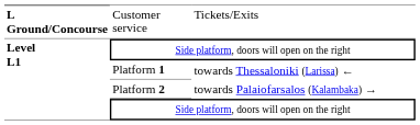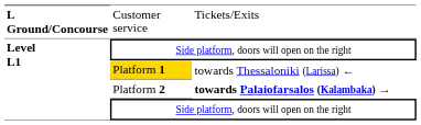 <table table border=0 cellspacing=0 cellpadding=3>
 <tr>
 <td style="border-bottom:solid 1px gray;border-top:solid 2px gray;" width=50 valign=top><strong>L<br>Ground/Concourse</strong></td>
 <td style="border-top:solid 1px gray;border-bottom:solid 1px gray;" width=100 valign=top>Customer service</td>
 <td style="border-top:solid 1px gray;border-bottom:solid 1px gray;" width=285 valign=top>Tickets/Exits</td>
 </tr>
 <tr>
 <td style="border-bottom:solid 1px gray;" rowspan=4 valign=top><strong>Level<br>L1</strong></td>
 <td style="border-top:solid 2px black;border-right:solid 2px black;border-left:solid 2px black;border-bottom:solid 2px black;text-align:center;" colspan=2><small><a href='#'>Side platform</a>, doors will open on the right</small></td>
 </tr>
 <tr>
-<td style="border-bottom:solid 1px gray;">Platform <span><strong>1</strong></span></td>
+<td style="background: gold; border-bottom:solid 1px gray;">Platform <span><strong>1</strong></span></td>
 <td> towards <a href='#'>Thessaloniki</a> <small>(<a href='#'>Larissa</a>)</small> ←</td>
 </tr>
 <tr>
 <td style="border-bottom:solid 1px gray;">Platform <span><strong>2</strong></span></td>
-<td> towards <a href='#'>Palaiofarsalos</a> <small>(<a href='#'>Kalambaka</a>)</small> →</td>
+<td><strong> towards <a href='#'>Palaiofarsalos</a> <small>(<a href='#'>Kalambaka</a>)</small> →</strong></td>
 </tr>
 <tr>
 <td style="border-top:solid 2px black;border-left:solid 2px black;border-right:solid 2px black;border-bottom:solid 2px black;text-align:center;" colspan=2><small><a href='#'>Side platform</a>, doors will open on the right</small></td>
 </tr>
 <tr>
 </tr>
 </table>
